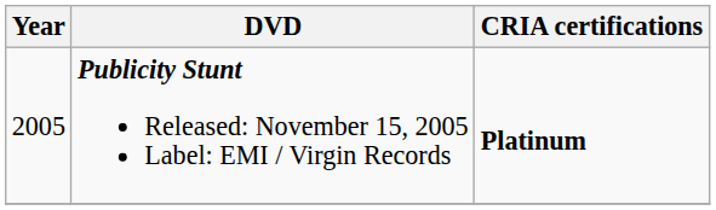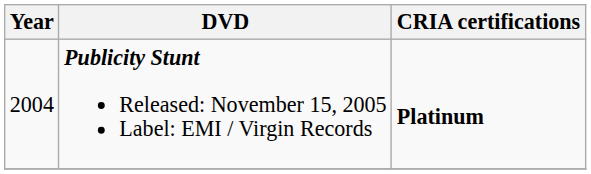 <table class="wikitable">
 <tr>
 <th>Year</th>
 <th>DVD</th>
 <th>CRIA certifications</th>
 </tr>
 <tr>
-<td>2005</td>
+<td>2004</td>
 <td><strong><em>Publicity Stunt</em></strong><br><ul><li>Released: November 15, 2005</li><li>Label: EMI / Virgin Records</li></ul></td>
 <td><strong><br>Platinum</strong></td>
 </tr>
 <tr>
 </tr>
 </table>
